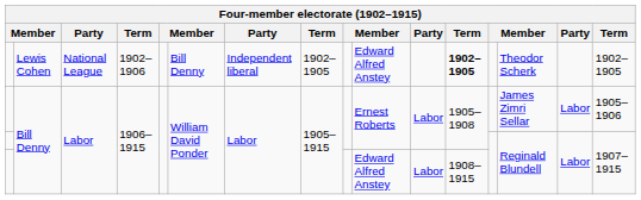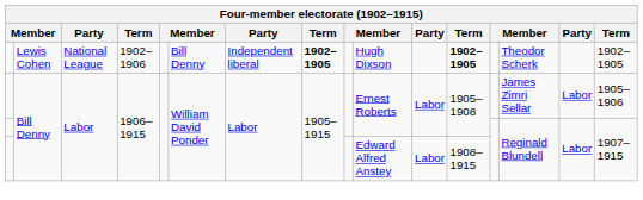 <table class="wikitable">
 <tr>
 <th colspan="16">Four-member electorate (1902–1915)</th>
 </tr>
 <tr>
 <th colspan="2">Member</th>
 <th>Party</th>
 <th>Term</th>
 <th colspan="2">Member</th>
 <th>Party</th>
 <th>Term</th>
 <th colspan="2">Member</th>
 <th>Party</th>
 <th>Term</th>
 <th colspan="2">Member</th>
 <th>Party</th>
 <th>Term</th>
 </tr>
 <tr>
 <td rowspan=2 > </td>
 <td rowspan=2><a href='#'>Lewis Cohen</a></td>
 <td rowspan=2><a href='#'>National League</a></td>
 <td rowspan=2>1902–1906</td>
 <td> </td>
 <td><a href='#'>Bill Denny</a></td>
 <td><a href='#'>Independent liberal</a></td>
-<td>1902–1905</td>
+<td><strong>1902–1905</strong></td>
 <td> </td>
-<td><a href='#'>Edward Alfred Anstey</a></td>
+<td><a href='#'>Hugh Dixson</a></td>
 <td></td>
 <td><strong>1902–1905</strong></td>
 <td> </td>
 <td><a href='#'>Theodor Scherk</a></td>
 <td></td>
 <td>1902–1905</td>
 </tr>
 <tr>
 <td rowspan="4" > </td>
 <td rowspan="4"><a href='#'>William David Ponder</a></td>
 <td rowspan="4"><a href='#'>Labor</a></td>
 <td rowspan="4">1905–1915</td>
 <td rowspan="3" > </td>
 <td rowspan="3"><a href='#'>Ernest Roberts</a></td>
 <td rowspan="3"><a href='#'>Labor</a></td>
 <td rowspan="3">1905–1908</td>
 <td rowspan="2" > </td>
 <td rowspan="2"><a href='#'>James Zimri Sellar</a></td>
 <td rowspan="2"><a href='#'>Labor</a></td>
 <td rowspan="2">1905–1906</td>
 </tr>
 <tr>
 <td> </td>
 <td rowspan="3"><a href='#'>Bill Denny</a></td>
 <td rowspan="3"><a href='#'>Labor</a></td>
 <td rowspan="3">1906–1915</td>
 </tr>
 <tr>
 <td> </td>
 <td rowspan="2" > </td>
 <td rowspan="2"><a href='#'>Reginald Blundell</a></td>
 <td rowspan="2"><a href='#'>Labor</a></td>
 <td rowspan="2">1907–1915</td>
 </tr>
 <tr>
 <td> </td>
 <td> </td>
 <td><a href='#'>Edward Alfred Anstey</a></td>
 <td><a href='#'>Labor</a></td>
 <td>1908–1915</td>
 </tr>
 </table>
